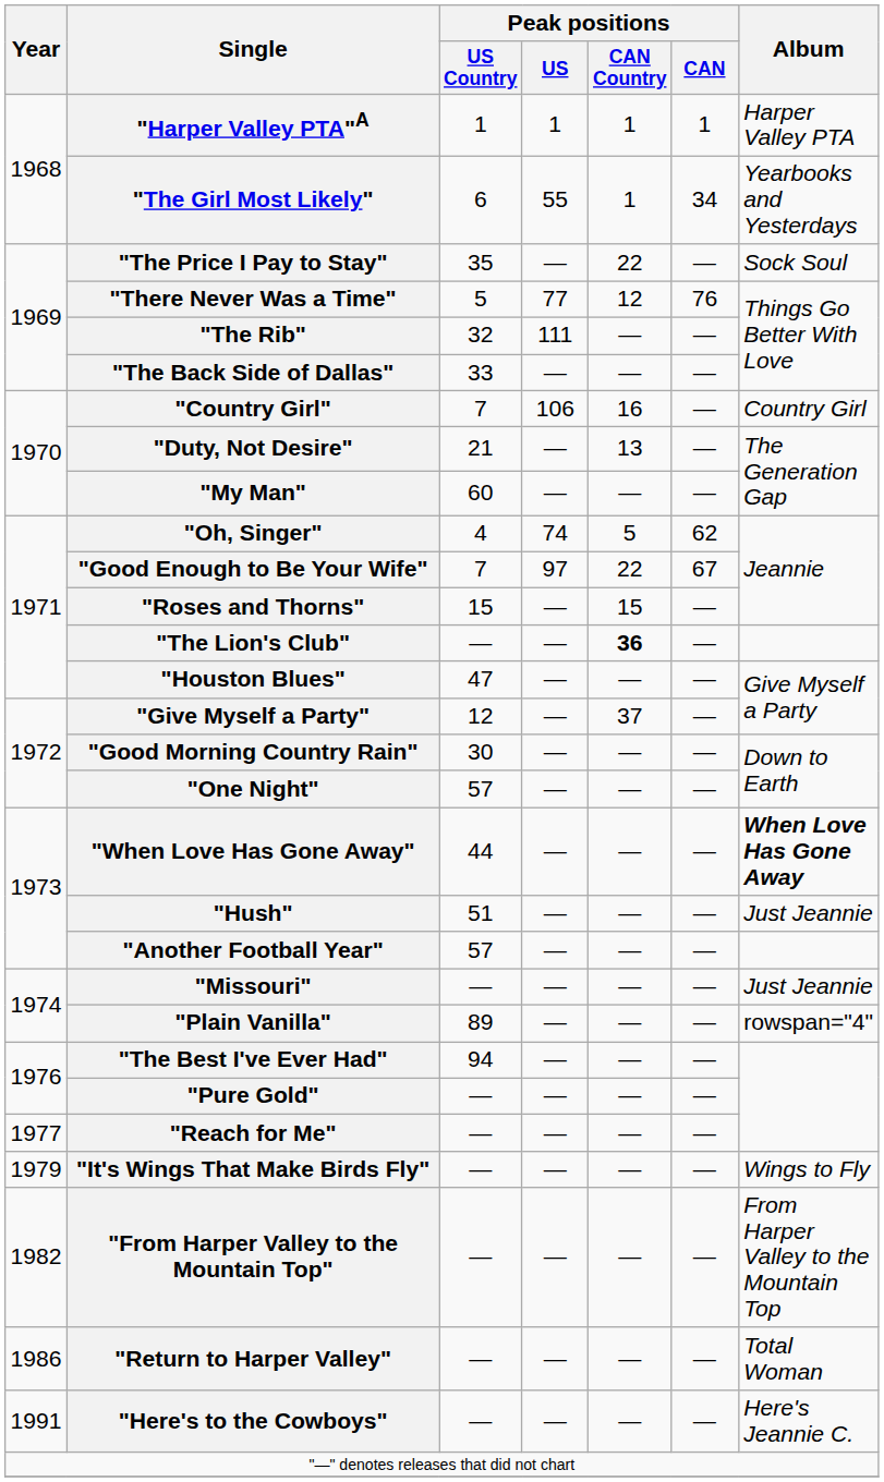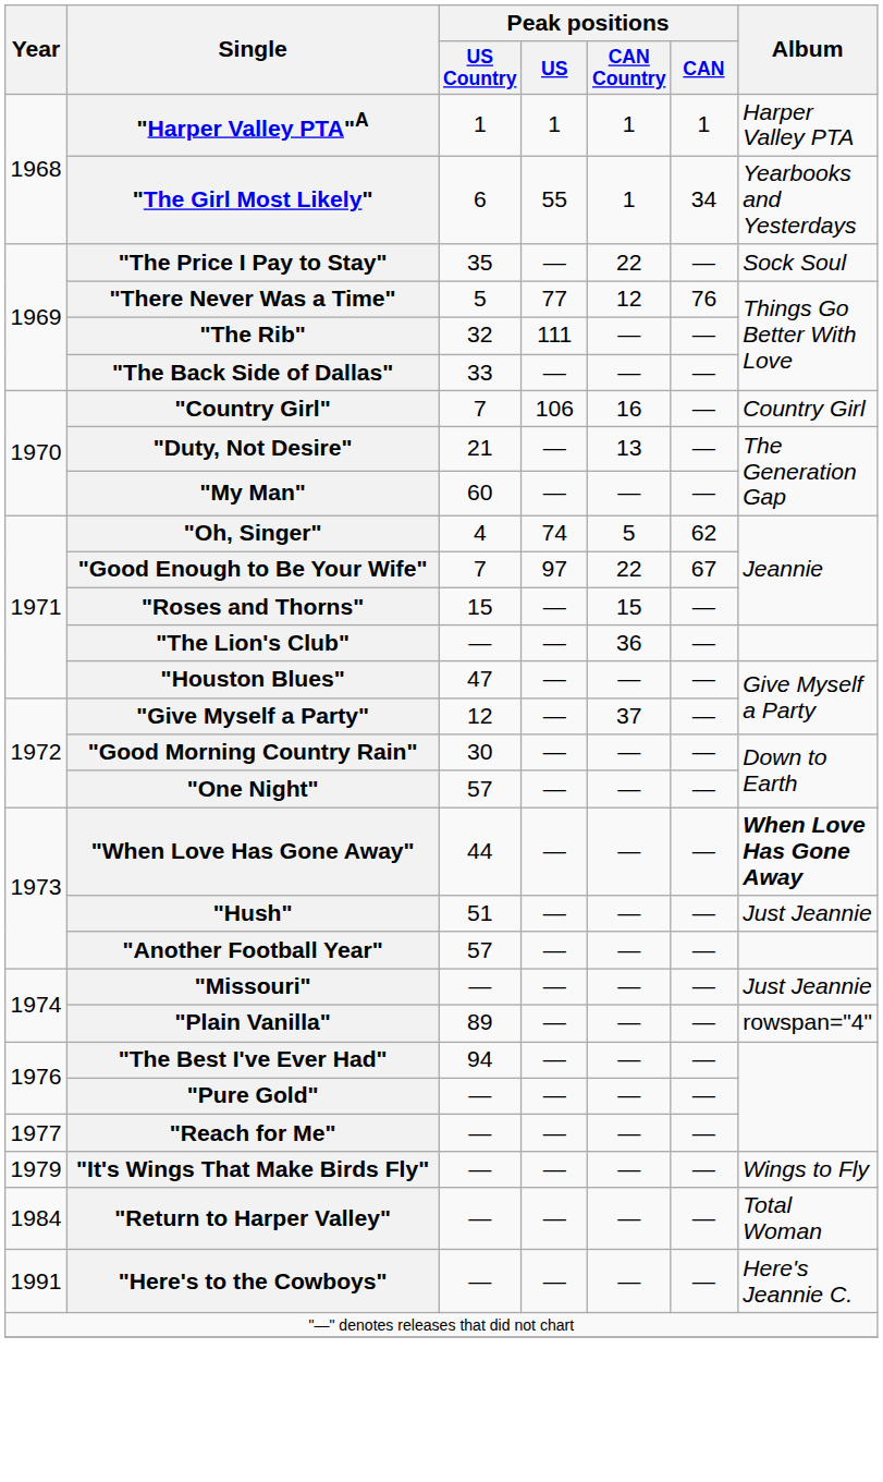 <table class="wikitable plainrowheaders" style="text-align:center;">
 <tr>
 <th rowspan="2">Year</th>
 <th rowspan="2" style="width:20em;">Single</th>
 <th colspan="4">Peak positions</th>
 <th rowspan="2">Album</th>
 </tr>
 <tr style="font-size:smaller;">
 <th style="width:45px;"><a href='#'>US Country</a><br></th>
 <th style="width:45px;"><a href='#'>US</a><br></th>
 <th style="width:45px;"><a href='#'>CAN Country</a><br></th>
 <th style="width:45px;"><a href='#'>CAN</a><br></th>
 </tr>
 <tr>
 <td rowspan="2">1968</td>
 <th scope="row">"<a href='#'>Harper Valley PTA</a>"<sup>A</sup></th>
 <td>1</td>
 <td>1</td>
 <td>1</td>
 <td>1</td>
 <td align="left"><em>Harper Valley PTA</em></td>
 </tr>
 <tr>
 <th scope="row">"<a href='#'>The Girl Most Likely</a>"</th>
 <td>6</td>
 <td>55</td>
 <td>1</td>
 <td>34</td>
 <td align="left"><em>Yearbooks and Yesterdays</em></td>
 </tr>
 <tr>
 <td rowspan="4">1969</td>
 <th scope="row">"The Price I Pay to Stay"</th>
 <td>35</td>
 <td>—</td>
 <td>22</td>
 <td>—</td>
 <td align="left"><em>Sock Soul</em></td>
 </tr>
 <tr>
 <th scope="row">"There Never Was a Time"</th>
 <td>5</td>
 <td>77</td>
 <td>12</td>
 <td>76</td>
 <td align="left" rowspan="3"><em>Things Go Better With Love</em></td>
 </tr>
 <tr>
 <th scope="row">"The Rib"</th>
 <td>32</td>
 <td>111</td>
 <td>—</td>
 <td>—</td>
 </tr>
 <tr>
 <th scope="row">"The Back Side of Dallas"</th>
 <td>33</td>
 <td>—</td>
 <td>—</td>
 <td>—</td>
 </tr>
 <tr>
 <td rowspan="3">1970</td>
 <th scope="row">"Country Girl"</th>
 <td>7</td>
 <td>106</td>
 <td>16</td>
 <td>—</td>
 <td align="left"><em>Country Girl</em></td>
 </tr>
 <tr>
 <th scope="row">"Duty, Not Desire"</th>
 <td>21</td>
 <td>—</td>
 <td>13</td>
 <td>—</td>
 <td align="left" rowspan="2"><em>The Generation Gap</em></td>
 </tr>
 <tr>
 <th scope="row">"My Man"</th>
 <td>60</td>
 <td>—</td>
 <td>—</td>
 <td>—</td>
 </tr>
 <tr>
 <td rowspan="5">1971</td>
 <th scope="row">"Oh, Singer"</th>
 <td>4</td>
 <td>74</td>
 <td>5</td>
 <td>62</td>
 <td align="left" rowspan="3"><em>Jeannie</em></td>
 </tr>
 <tr>
 <th scope="row">"Good Enough to Be Your Wife"</th>
 <td>7</td>
 <td>97</td>
 <td>22</td>
 <td>67</td>
 </tr>
 <tr>
 <th scope="row">"Roses and Thorns"</th>
 <td>15</td>
 <td>—</td>
 <td>15</td>
 <td>—</td>
 </tr>
 <tr>
 <th scope="row">"The Lion's Club"</th>
 <td>—</td>
 <td>—</td>
-<td><strong>36</strong></td>
+<td>36</td>
 <td>—</td>
 <td></td>
 </tr>
 <tr>
 <th scope="row">"Houston Blues"</th>
 <td>47</td>
 <td>—</td>
 <td>—</td>
 <td>—</td>
 <td align="left" rowspan="2"><em>Give Myself a Party</em></td>
 </tr>
 <tr>
 <td rowspan="3">1972</td>
 <th scope="row">"Give Myself a Party"</th>
 <td>12</td>
 <td>—</td>
 <td>37</td>
 <td>—</td>
 </tr>
 <tr>
 <th scope="row">"Good Morning Country Rain"</th>
 <td>30</td>
 <td>—</td>
 <td>—</td>
 <td>—</td>
 <td align="left" rowspan="2"><em>Down to Earth</em></td>
 </tr>
 <tr>
 <th scope="row">"One Night"</th>
 <td>57</td>
 <td>—</td>
 <td>—</td>
 <td>—</td>
 </tr>
 <tr>
 <td rowspan="3">1973</td>
 <th scope="row">"When Love Has Gone Away"</th>
 <td>44</td>
 <td>—</td>
 <td>—</td>
 <td>—</td>
 <td align="left"><strong><em>When Love Has Gone Away</em></strong></td>
 </tr>
 <tr>
 <th scope="row">"Hush"</th>
 <td>51</td>
 <td>—</td>
 <td>—</td>
 <td>—</td>
 <td align="left"><em>Just Jeannie</em></td>
 </tr>
 <tr>
 <th scope="row">"Another Football Year"</th>
 <td>57</td>
 <td>—</td>
 <td>—</td>
 <td>—</td>
 <td></td>
 </tr>
 <tr>
 <td rowspan="2">1974</td>
 <th scope="row">"Missouri"</th>
 <td>—</td>
 <td>—</td>
 <td>—</td>
 <td>—</td>
 <td align="left"><em>Just Jeannie</em></td>
 </tr>
 <tr>
 <th scope="row">"Plain Vanilla" </th>
 <td>89</td>
 <td>—</td>
 <td>—</td>
 <td>—</td>
 <td>rowspan="4" </td>
 </tr>
 <tr>
 <td rowspan="2">1976</td>
 <th scope="row">"The Best I've Ever Had"</th>
 <td>94</td>
 <td>—</td>
 <td>—</td>
 <td>—</td>
 </tr>
 <tr>
 <th scope="row">"Pure Gold"</th>
 <td>—</td>
 <td>—</td>
 <td>—</td>
 <td>—</td>
 </tr>
 <tr>
 <td>1977</td>
 <th scope="row">"Reach for Me"</th>
 <td>—</td>
 <td>—</td>
 <td>—</td>
 <td>—</td>
 </tr>
 <tr>
 <td>1979</td>
 <th scope="row">"It's Wings That Make Birds Fly"</th>
 <td>—</td>
 <td>—</td>
 <td>—</td>
 <td>—</td>
 <td align="left"><em>Wings to Fly</em></td>
 </tr>
 <tr>
-<td>1982</td>
-<th scope="row">"From Harper Valley to the Mountain Top"</th>
-<td>—</td>
-<td>—</td>
-<td>—</td>
-<td>—</td>
-<td align="left"><em>From Harper Valley to the Mountain Top</em></td>
-</tr>
-<tr>
-<td>1986</td>
+<td>1984</td>
 <th scope="row">"Return to Harper Valley"</th>
 <td>—</td>
 <td>—</td>
 <td>—</td>
 <td>—</td>
 <td align="left"><em>Total Woman</em></td>
 </tr>
 <tr>
 <td>1991</td>
 <th scope="row">"Here's to the Cowboys"</th>
 <td>—</td>
 <td>—</td>
 <td>—</td>
 <td>—</td>
 <td align="left"><em>Here's Jeannie C.</em></td>
 </tr>
 <tr>
 <td colspan="7" style="font-size:8pt">"—" denotes releases that did not chart</td>
 </tr>
 <tr>
 </tr>
 </table>
